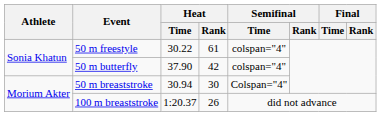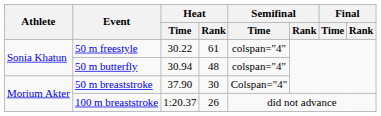 <table class=wikitable style=font-size:90%>
 <tr>
 <th rowspan=2>Athlete</th>
 <th rowspan=2>Event</th>
 <th colspan=2>Heat</th>
 <th colspan=2>Semifinal</th>
 <th colspan=2>Final</th>
 </tr>
 <tr style=font-size:95%>
 <th>Time</th>
 <th>Rank</th>
 <th>Time</th>
 <th>Rank</th>
 <th>Time</th>
 <th>Rank</th>
 </tr>
 <tr align=center>
 <td align=left rowspan=2><a href='#'>Sonia Khatun</a></td>
 <td align=left rowspan="1"><a href='#'>50 m freestyle</a></td>
 <td>30.22</td>
 <td>61</td>
 <td>colspan="4" </td>
 </tr>
 <tr align=center>
 <td align=left rowspan="1"><a href='#'>50 m butterfly</a></td>
-<td>37.90</td>
-<td>42</td>
+<td>30.94</td>
+<td>48</td>
 <td>colspan="4" </td>
 </tr>
 <tr align=center>
 <td align=left rowspan=2><a href='#'>Morium Akter</a></td>
 <td align=left rowspan="1"><a href='#'>50 m breaststroke</a></td>
-<td>30.94</td>
+<td>37.90</td>
 <td>30</td>
 <td>Colspan="4" </td>
 </tr>
 <tr align=center>
 <td align=left rowspan="1"><a href='#'>100 m breaststroke</a></td>
 <td>1:20.37</td>
 <td>26</td>
 <td colspan="4">did not advance</td>
 </tr>
 </table>
